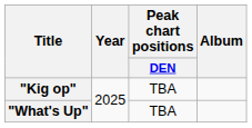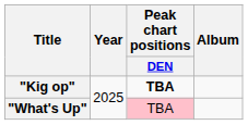 <table class="wikitable plainrowheaders" style="text-align:center">
 <tr>
 <th scope="col" rowspan="2">Title</th>
 <th scope="col" rowspan="2">Year</th>
 <th scope="col" colspan="1">Peak chart positions</th>
 <th scope="col" rowspan="2">Album</th>
 </tr>
 <tr>
 <th scope="col" style="width:2.5em;font-size:90%;"><a href='#'>DEN</a></th>
 </tr>
 <tr>
 <th scope="row">"Kig op"</th>
 <td rowspan="2">2025</td>
-<td>TBA</td>
+<td><strong>TBA</strong></td>
 <td></td>
 </tr>
 <tr>
 <th scope="row">"What's Up"</th>
-<td>TBA</td>
+<td style="background: pink;">TBA</td>
 <td></td>
 </tr>
 </table>
